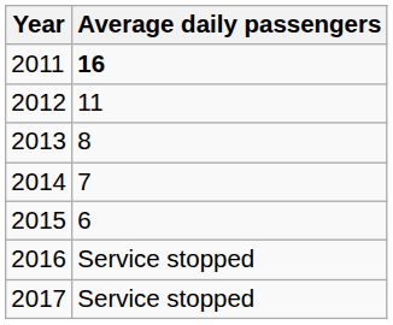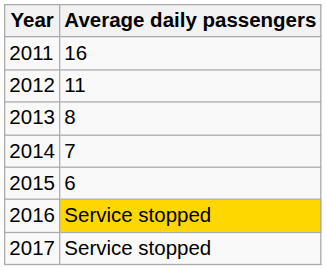 <table class="wikitable">
 <tr>
 <th>Year</th>
 <th>Average daily passengers</th>
 </tr>
 <tr>
 <td>2011</td>
-<td><strong>16</strong></td>
+<td>16</td>
 </tr>
 <tr>
 <td>2012</td>
 <td>11</td>
 </tr>
 <tr>
 <td>2013</td>
 <td>8</td>
 </tr>
 <tr>
 <td>2014</td>
 <td>7</td>
 </tr>
 <tr>
 <td>2015</td>
 <td>6</td>
 </tr>
 <tr>
 <td>2016</td>
-<td>Service stopped</td>
+<td style="background: gold;">Service stopped</td>
 </tr>
 <tr>
 <td>2017</td>
 <td>Service stopped</td>
 </tr>
 </table>
